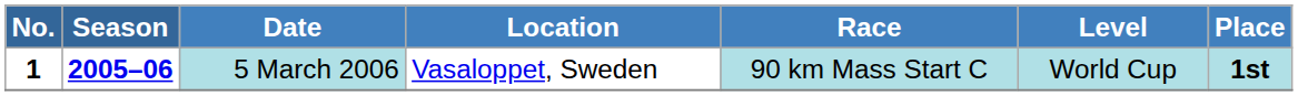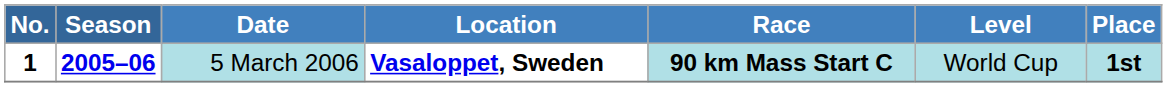 <table class="wikitable sortable" style="font-size:95%; text-align:center; border:grey solid 1px; border-collapse:collapse; background:#ffffff;">
 <tr style="background:#efefef;">
 <th style="background-color:#369; color:white;">No.</th>
 <th style="background-color:#369; color:white;">Season</th>
 <th style="background-color:#4180be; color:white; width:120px;">Date</th>
 <th style="background-color:#4180be; color:white; width:170px;">Location</th>
 <th style="background-color:#4180be; color:white; width:160px;">Race</th>
 <th style="background-color:#4180be; color:white; width:100px;">Level</th>
 <th style="background-color:#4180be; color:white;">Place</th>
 </tr>
 <tr>
 <td align=center><strong>1</strong></td>
 <td rowspan=1 align=center><strong><a href='#'>2005–06</a></strong></td>
 <td bgcolor="#BOEOE6" align=right>5 March 2006</td>
-<td align=left> <a href='#'>Vasaloppet</a>, Sweden</td>
-<td bgcolor="#BOEOE6">90 km Mass Start C</td>
+<td align=left><strong> <a href='#'>Vasaloppet</a>, Sweden</strong></td>
+<td bgcolor="#BOEOE6"><strong>90 km Mass Start C</strong></td>
 <td bgcolor="#BOEOE6">World Cup</td>
 <td bgcolor="#BOEOE6"><strong>1st</strong></td>
 </tr>
 <tr>
 </tr>
 </table>
